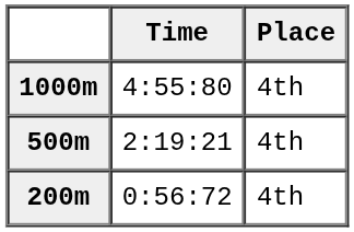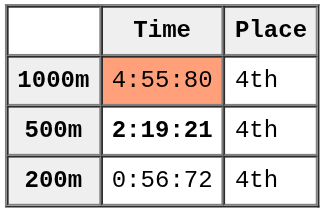 <table border="1" cellpadding="5" cellspacing="0" align="center">
 <tr>
 <td></td>
 <th scope="col" style="background:#efefef;">Time</th>
 <th scope="col" style="background:#efefef;">Place</th>
 </tr>
 <tr>
 <th scope="row" style="background:#efefef;">1000m</th>
-<td>4:55:80</td>
+<td style="background: lightsalmon;">4:55:80</td>
 <td>4th</td>
 </tr>
 <tr>
 <th scope="row" style="background:#efefef;">500m</th>
-<td>2:19:21</td>
+<td><strong>2:19:21</strong></td>
 <td>4th</td>
 </tr>
 <tr>
 <th scope="row" style="background:#efefef;">200m</th>
 <td>0:56:72</td>
 <td>4th</td>
 </tr>
 <tr>
 </tr>
 </table>
